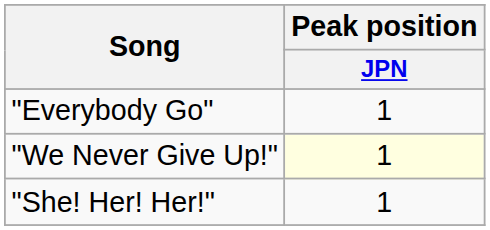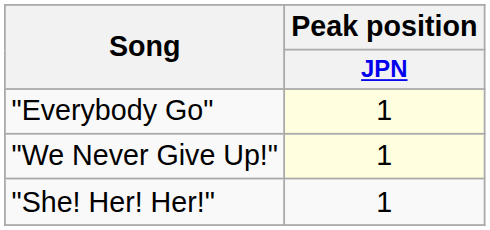 <table class="wikitable sortable" style="text-align:center;">
 <tr>
 <th rowspan="2">Song</th>
 <th colspan="9">Peak position</th>
 </tr>
 <tr style="font-size:smaller;">
 <th><a href='#'>JPN</a></th>
 </tr>
 <tr>
 <td align="left">"Everybody Go"</td>
-<td>1</td>
+<td style="background: lightyellow;">1</td>
 </tr>
 <tr>
 <td align="left">"We Never Give Up!"</td>
 <td style="background: lightyellow;">1</td>
 </tr>
 <tr>
 <td align="left">"She! Her! Her!"</td>
 <td>1</td>
 </tr>
 </table>
